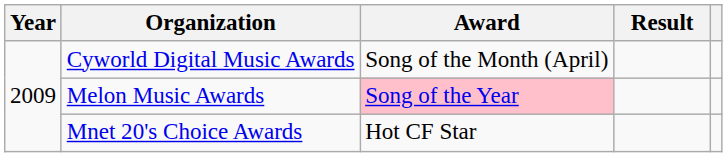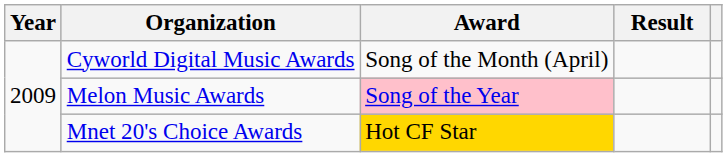 <table class="wikitable plainrowheaders">
 <tr>
 <th scope="col">Year</th>
 <th scope="col">Organization</th>
 <th scope="col">Award</th>
 <th scope="col" width="60">Result</th>
 <th class="unsortable"></th>
 </tr>
 <tr>
 <td rowspan="3">2009</td>
 <td><a href='#'>Cyworld Digital Music Awards</a></td>
 <td>Song of the Month (April)</td>
 <td></td>
 <td style="text-align:center"></td>
 </tr>
 <tr>
 <td><a href='#'>Melon Music Awards</a></td>
 <td style="background: pink;"><a href='#'>Song of the Year</a></td>
 <td></td>
 <td style="text-align:center"></td>
 </tr>
 <tr>
 <td><a href='#'>Mnet 20's Choice Awards</a></td>
-<td>Hot CF Star</td>
+<td style="background: gold;">Hot CF Star</td>
 <td></td>
 <td style="text-align:center"></td>
 </tr>
 </table>
